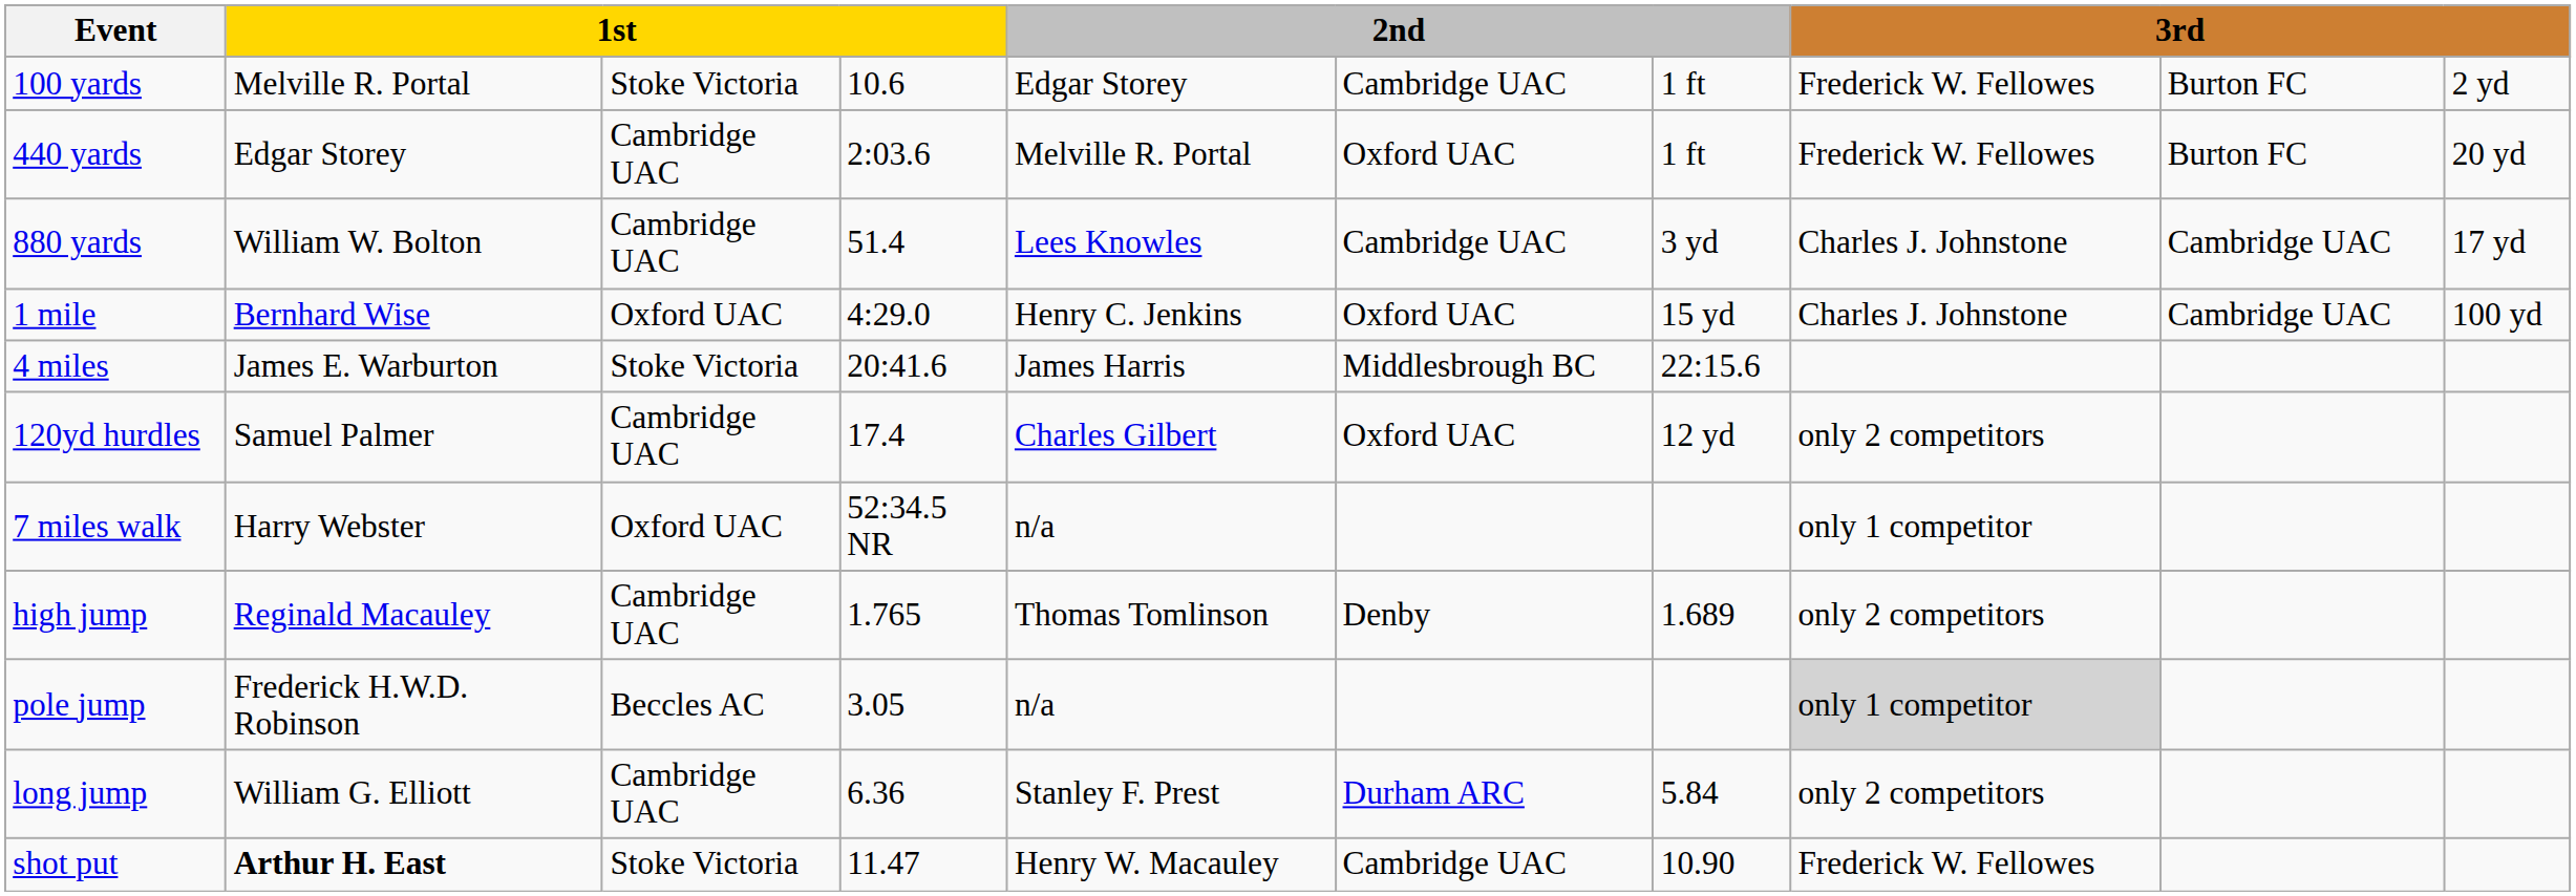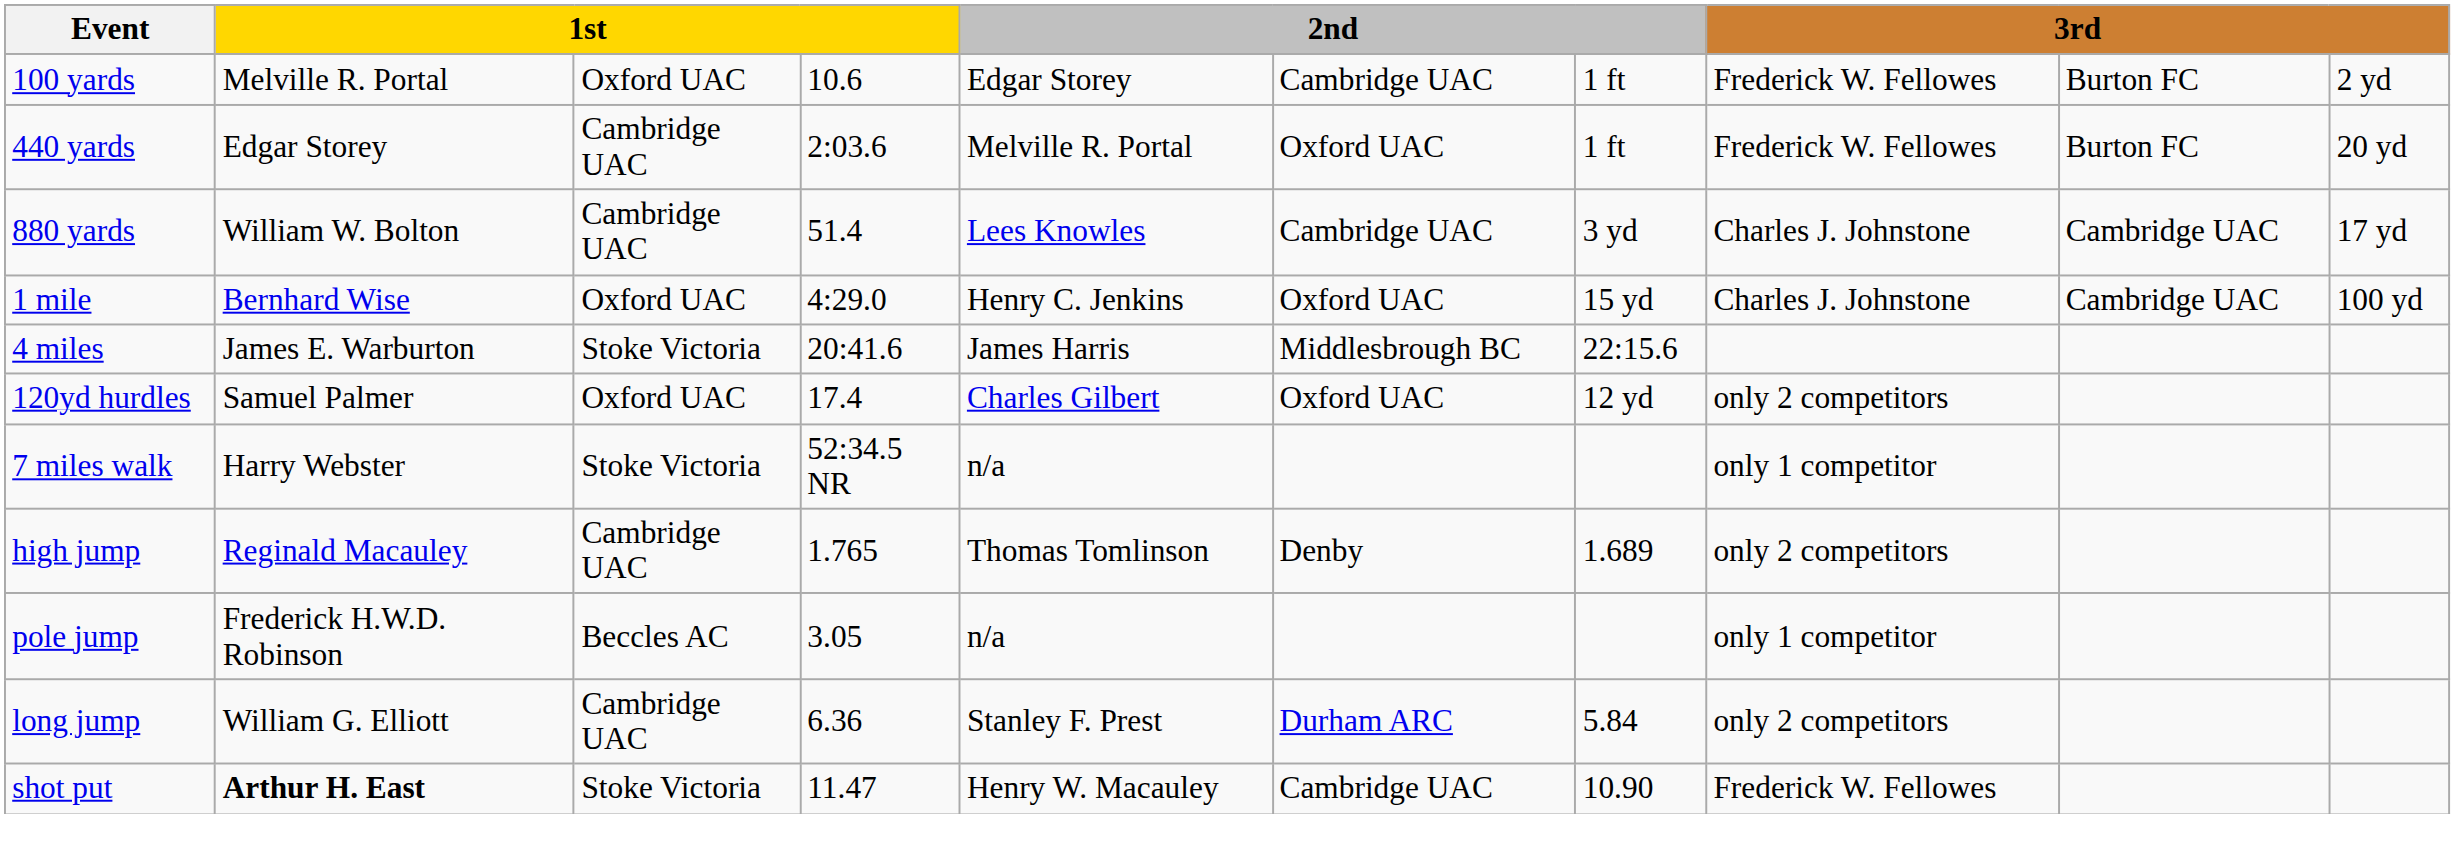 <table class="wikitable" style="text-align:left">
 <tr>
 <th width=100>Event</th>
 <th colspan="3" width="380" style="background:gold;">1st</th>
 <th colspan="3" width="380" style="background:silver;">2nd</th>
 <th colspan="3" width="380" style="background:#CD7F32;">3rd</th>
 </tr>
 <tr>
 <td><a href='#'>100 yards</a></td>
 <td>Melville R. Portal</td>
-<td>Stoke Victoria</td>
+<td>Oxford UAC</td>
 <td>10.6</td>
 <td>Edgar Storey</td>
 <td>Cambridge UAC</td>
 <td>1 ft</td>
 <td>Frederick W. Fellowes</td>
 <td>Burton FC</td>
 <td>2 yd</td>
 </tr>
 <tr>
 <td><a href='#'>440 yards</a></td>
 <td>Edgar Storey</td>
 <td>Cambridge UAC</td>
 <td>2:03.6</td>
 <td>Melville R. Portal</td>
 <td>Oxford UAC</td>
 <td>1 ft</td>
 <td>Frederick W. Fellowes</td>
 <td>Burton FC</td>
 <td>20 yd</td>
 </tr>
 <tr>
 <td><a href='#'>880 yards</a></td>
 <td>William W. Bolton</td>
 <td>Cambridge UAC</td>
 <td>51.4</td>
 <td><a href='#'>Lees Knowles</a></td>
 <td>Cambridge UAC</td>
 <td>3 yd</td>
 <td>Charles J. Johnstone</td>
 <td>Cambridge UAC</td>
 <td>17 yd</td>
 </tr>
 <tr>
 <td><a href='#'>1 mile</a></td>
 <td> <a href='#'>Bernhard Wise</a></td>
 <td>Oxford UAC</td>
 <td>4:29.0</td>
 <td>Henry C. Jenkins</td>
 <td>Oxford UAC</td>
 <td>15 yd</td>
 <td>Charles J. Johnstone</td>
 <td>Cambridge UAC</td>
 <td>100 yd</td>
 </tr>
 <tr>
 <td><a href='#'>4 miles</a></td>
 <td>James E. Warburton</td>
 <td>Stoke Victoria</td>
 <td>20:41.6</td>
 <td>James Harris</td>
 <td>Middlesbrough BC</td>
 <td>22:15.6</td>
 <td></td>
 <td></td>
 <td></td>
 </tr>
 <tr>
 <td><a href='#'>120yd hurdles</a></td>
 <td>Samuel Palmer</td>
-<td>Cambridge UAC</td>
+<td>Oxford UAC</td>
 <td>17.4</td>
 <td><a href='#'>Charles Gilbert</a></td>
 <td>Oxford UAC</td>
 <td>12 yd</td>
 <td>only 2 competitors</td>
 <td></td>
 <td></td>
 </tr>
 <tr>
 <td><a href='#'>7 miles walk</a></td>
 <td>Harry Webster</td>
-<td>Oxford UAC</td>
+<td>Stoke Victoria</td>
 <td>52:34.5 NR</td>
 <td>n/a</td>
 <td></td>
 <td></td>
 <td>only 1 competitor</td>
 <td></td>
 <td></td>
 </tr>
 <tr>
 <td><a href='#'>high jump</a></td>
 <td><a href='#'>Reginald Macauley</a></td>
 <td>Cambridge UAC</td>
 <td>1.765</td>
 <td>Thomas Tomlinson</td>
 <td>Denby</td>
 <td>1.689</td>
 <td>only 2 competitors</td>
 <td></td>
 <td></td>
 </tr>
 <tr>
 <td><a href='#'>pole jump</a></td>
 <td>Frederick H.W.D. Robinson</td>
 <td>Beccles AC</td>
 <td>3.05</td>
 <td>n/a</td>
 <td></td>
 <td></td>
-<td style="background: lightgrey;">only 1 competitor</td>
+<td>only 1 competitor</td>
 <td></td>
 <td></td>
 </tr>
 <tr>
 <td><a href='#'>long jump</a></td>
 <td>William G. Elliott</td>
 <td>Cambridge UAC</td>
 <td>6.36</td>
 <td>Stanley F. Prest</td>
 <td><a href='#'>Durham ARC</a></td>
 <td>5.84</td>
 <td>only 2 competitors</td>
 <td></td>
 <td></td>
 </tr>
 <tr>
 <td><a href='#'>shot put</a></td>
 <td><strong>Arthur H. East</strong></td>
 <td>Stoke Victoria</td>
 <td>11.47</td>
 <td>Henry W. Macauley</td>
 <td>Cambridge UAC</td>
 <td>10.90</td>
 <td>Frederick W. Fellowes</td>
 <td></td>
 <td></td>
 </tr>
 </table>
